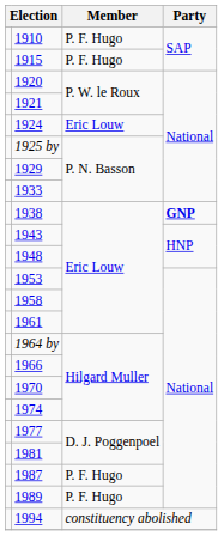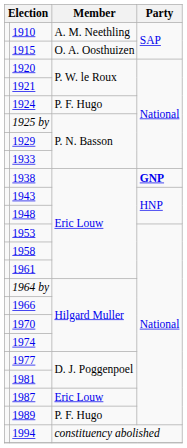 <table class="wikitable">
 <tr>
 <th colspan="2">Election</th>
 <th>Member</th>
 <th>Party</th>
 </tr>
 <tr>
 <td style="background-color: "></td>
 <td><a href='#'>1910</a></td>
-<td>P. F. Hugo</td>
+<td>A. M. Neethling</td>
 <td rowspan="2"><a href='#'>SAP</a></td>
 </tr>
 <tr>
 <td style="background-color: "></td>
 <td><a href='#'>1915</a></td>
-<td>P. F. Hugo</td>
+<td>O. A. Oosthuizen</td>
 </tr>
 <tr>
 <td style="background-color: "></td>
 <td><a href='#'>1920</a></td>
 <td rowspan="2">P. W. le Roux</td>
 <td rowspan="6"><a href='#'>National</a></td>
 </tr>
 <tr>
 <td style="background-color: "></td>
 <td><a href='#'>1921</a></td>
 </tr>
 <tr>
 <td style="background-color: "></td>
 <td><a href='#'>1924</a></td>
-<td><a href='#'>Eric Louw</a></td>
+<td>P. F. Hugo</td>
 </tr>
 <tr>
 <td style="background-color: "></td>
 <td><em>1925 by</em></td>
 <td rowspan="3">P. N. Basson</td>
 </tr>
 <tr>
 <td style="background-color: "></td>
 <td><a href='#'>1929</a></td>
 </tr>
 <tr>
 <td style="background-color: "></td>
 <td><a href='#'>1933</a></td>
 </tr>
 <tr>
 <td style="background-color: "></td>
 <td><a href='#'>1938</a></td>
 <td rowspan="6"><a href='#'>Eric Louw</a></td>
 <td><strong><a href='#'>GNP</a></strong></td>
 </tr>
 <tr>
 <td style="background-color: "></td>
 <td><a href='#'>1943</a></td>
 <td rowspan="2"><a href='#'>HNP</a></td>
 </tr>
 <tr>
 <td style="background-color: "></td>
 <td><a href='#'>1948</a></td>
 </tr>
 <tr>
 <td style="background-color: "></td>
 <td><a href='#'>1953</a></td>
 <td rowspan="11"><a href='#'>National</a></td>
 </tr>
 <tr>
 <td style="background-color: "></td>
 <td><a href='#'>1958</a></td>
 </tr>
 <tr>
 <td style="background-color: "></td>
 <td><a href='#'>1961</a></td>
 </tr>
 <tr>
 <td style="background-color: "></td>
 <td><em>1964 by</em></td>
 <td rowspan="4"><a href='#'>Hilgard Muller</a></td>
 </tr>
 <tr>
 <td style="background-color: "></td>
 <td><a href='#'>1966</a></td>
 </tr>
 <tr>
 <td style="background-color: "></td>
 <td><a href='#'>1970</a></td>
 </tr>
 <tr>
 <td style="background-color: "></td>
 <td><a href='#'>1974</a></td>
 </tr>
 <tr>
 <td style="background-color: "></td>
 <td><a href='#'>1977</a></td>
 <td rowspan="2">D. J. Poggenpoel</td>
 </tr>
 <tr>
 <td style="background-color: "></td>
 <td><a href='#'>1981</a></td>
 </tr>
 <tr>
 <td style="background-color: "></td>
 <td><a href='#'>1987</a></td>
-<td>P. F. Hugo</td>
+<td><a href='#'>Eric Louw</a></td>
 </tr>
 <tr>
 <td style="background-color: "></td>
 <td><a href='#'>1989</a></td>
 <td>P. F. Hugo</td>
 </tr>
 <tr>
 <td style="background-color: "></td>
 <td><a href='#'>1994</a></td>
 <td colspan="2"><em>constituency abolished</em></td>
 </tr>
 <tr>
 </tr>
 </table>
